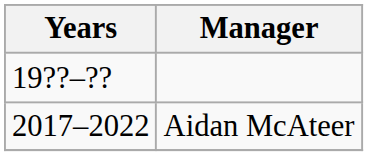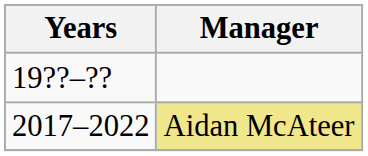 <table class="wikitable">
 <tr>
 <th>Years</th>
 <th>Manager</th>
 </tr>
 <tr>
 <td>19??–??</td>
 <td></td>
 </tr>
 <tr>
 <td> 2017–2022</td>
-<td>Aidan McAteer</td>
+<td style="background: khaki;">Aidan McAteer</td>
 </tr>
 <tr>
 </tr>
 </table>
